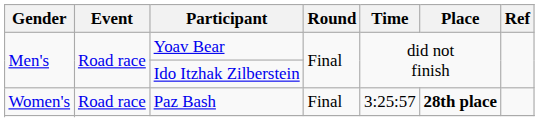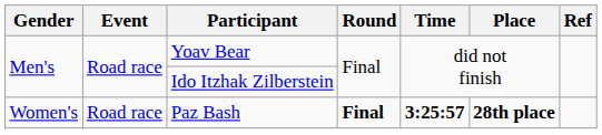 <table class="wikitable" style="font-size: 95%;">
 <tr>
 <th>Gender</th>
 <th>Event</th>
 <th>Participant</th>
 <th>Round</th>
 <th>Time</th>
 <th>Place</th>
 <th>Ref</th>
 </tr>
 <tr>
 <td rowspan="2"><a href='#'>Men's</a></td>
 <td rowspan="2"><a href='#'>Road race</a></td>
 <td><a href='#'>Yoav Bear</a></td>
 <td rowspan="2">Final</td>
 <td rowspan="2" align=center colspan=2>did not<br>finish</td>
 <td rowspan="2"></td>
 </tr>
 <tr>
 <td><a href='#'>Ido Itzhak Zilberstein</a></td>
 </tr>
 <tr>
 <td rowspan="2"><a href='#'>Women's</a></td>
 <td rowspan="2"><a href='#'>Road race</a></td>
 <td><a href='#'>Paz Bash</a></td>
-<td>Final</td>
-<td>3:25:57</td>
+<td><strong>Final</strong></td>
+<td><strong>3:25:57</strong></td>
 <td><strong>28th place</strong></td>
 <td></td>
 </tr>
 <tr>
 </tr>
 </table>
